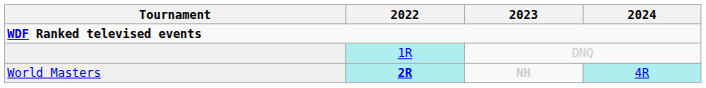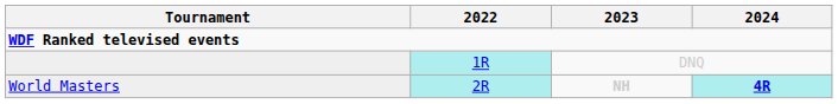 <table class="wikitable" style="width:60%; margin:0">
 <tr>
 <th>Tournament</th>
 <th>2022</th>
 <th>2023</th>
 <th>2024</th>
 </tr>
 <tr>
 <td colspan="15" style="text-align:left"><strong><a href='#'>WDF</a> Ranked televised events</strong></td>
 </tr>
 <tr>
 <td style="background:#efefef;"></td>
 <td style="text-align:center; background:#afeeee;"><a href='#'>1R</a></td>
 <td colspan="2" style="text-align:center; color:#ccc;">DNQ</td>
 </tr>
 <tr>
 <td style="background:#efefef;"><a href='#'>World Masters</a></td>
-<td style="text-align:center; background:#afeeee;"><strong><a href='#'>2R</a></strong></td>
+<td style="text-align:center; background:#afeeee;"><a href='#'>2R</a></td>
 <td style="text-align:center; color:#ccc;"><strong>NH</strong></td>
-<td style="text-align:center; background:#afeeee;"><a href='#'>4R</a></td>
+<td style="text-align:center; background:#afeeee;"><strong><a href='#'>4R</a></strong></td>
 </tr>
 </table>
